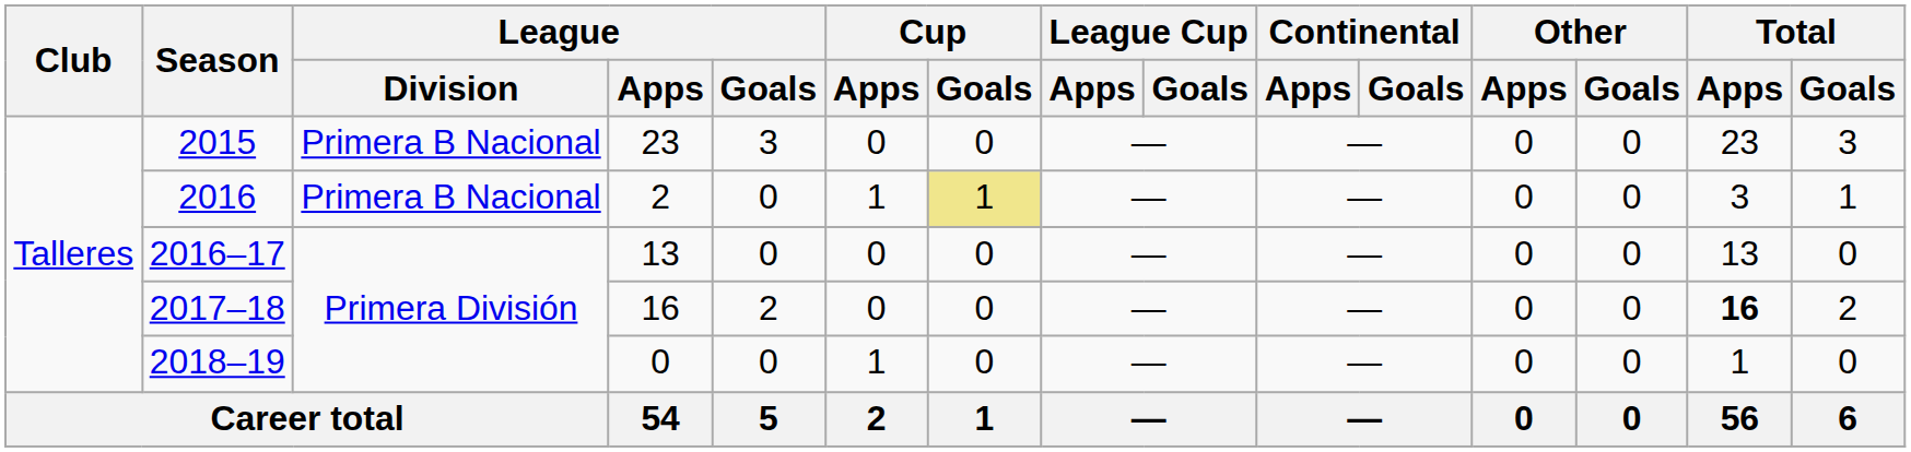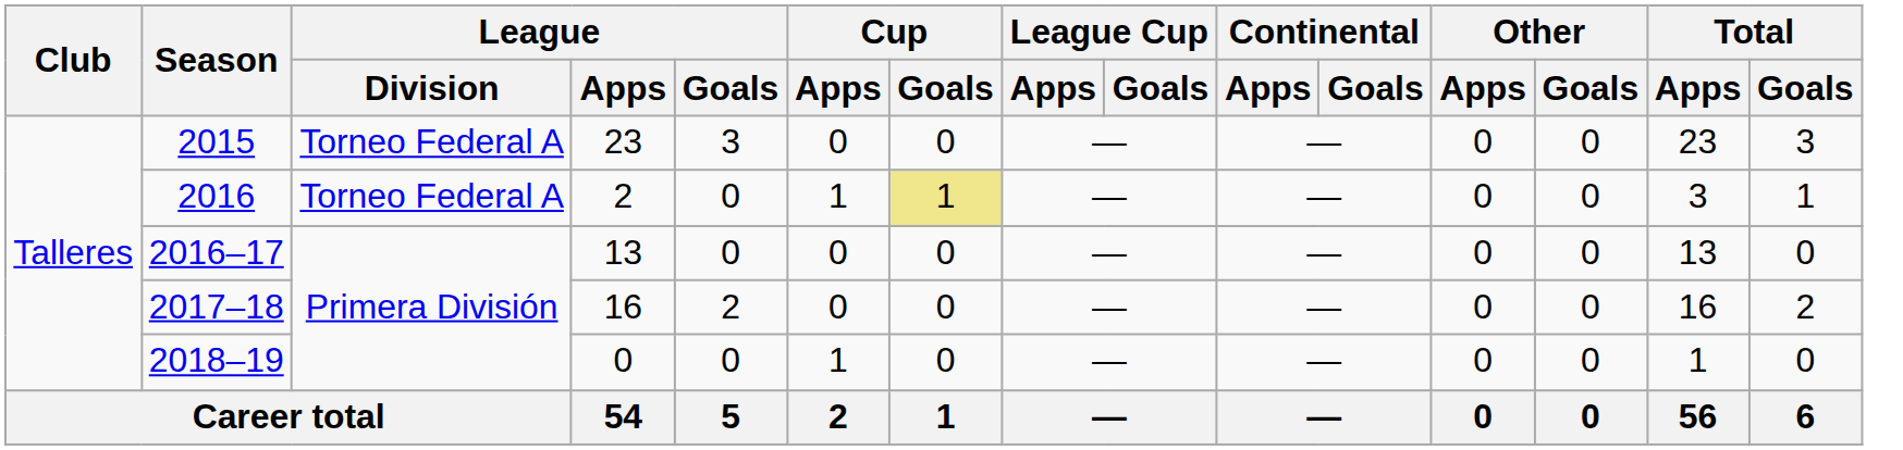 <table class="wikitable" style="text-align:center">
 <tr>
 <th rowspan="2">Club</th>
 <th rowspan="2">Season</th>
 <th colspan="3">League</th>
 <th colspan="2">Cup</th>
 <th colspan="2">League Cup</th>
 <th colspan="2">Continental</th>
 <th colspan="2">Other</th>
 <th colspan="2">Total</th>
 </tr>
 <tr>
 <th>Division</th>
 <th>Apps</th>
 <th>Goals</th>
 <th>Apps</th>
 <th>Goals</th>
 <th>Apps</th>
 <th>Goals</th>
 <th>Apps</th>
 <th>Goals</th>
 <th>Apps</th>
 <th>Goals</th>
 <th>Apps</th>
 <th>Goals</th>
 </tr>
 <tr>
 <td rowspan="5"><a href='#'>Talleres</a></td>
 <td><a href='#'>2015</a></td>
-<td rowspan="1"><a href='#'>Primera B Nacional</a></td>
+<td rowspan="1"><a href='#'>Torneo Federal A</a></td>
 <td>23</td>
 <td>3</td>
 <td>0</td>
 <td>0</td>
 <td colspan="2">—</td>
 <td colspan="2">—</td>
 <td>0</td>
 <td>0</td>
 <td>23</td>
 <td>3</td>
 </tr>
 <tr>
 <td><a href='#'>2016</a></td>
-<td rowspan="1"><a href='#'>Primera B Nacional</a></td>
+<td rowspan="1"><a href='#'>Torneo Federal A</a></td>
 <td>2</td>
 <td>0</td>
 <td>1</td>
 <td style="background: khaki;">1</td>
 <td colspan="2">—</td>
 <td colspan="2">—</td>
 <td>0</td>
 <td>0</td>
 <td>3</td>
 <td>1</td>
 </tr>
 <tr>
 <td><a href='#'>2016–17</a></td>
 <td rowspan="3"><a href='#'>Primera División</a></td>
 <td>13</td>
 <td>0</td>
 <td>0</td>
 <td>0</td>
 <td colspan="2">—</td>
 <td colspan="2">—</td>
 <td>0</td>
 <td>0</td>
 <td>13</td>
 <td>0</td>
 </tr>
 <tr>
 <td><a href='#'>2017–18</a></td>
 <td>16</td>
 <td>2</td>
 <td>0</td>
 <td>0</td>
 <td colspan="2">—</td>
 <td colspan="2">—</td>
 <td>0</td>
 <td>0</td>
-<td><strong>16</strong></td>
+<td>16</td>
 <td>2</td>
 </tr>
 <tr>
 <td><a href='#'>2018–19</a></td>
 <td>0</td>
 <td>0</td>
 <td>1</td>
 <td>0</td>
 <td colspan="2">—</td>
 <td colspan="2">—</td>
 <td>0</td>
 <td>0</td>
 <td>1</td>
 <td>0</td>
 </tr>
 <tr>
 <th colspan="3">Career total</th>
 <th>54</th>
 <th>5</th>
 <th>2</th>
 <th>1</th>
 <th colspan="2">—</th>
 <th colspan="2">—</th>
 <th>0</th>
 <th>0</th>
 <th>56</th>
 <th>6</th>
 </tr>
 </table>
